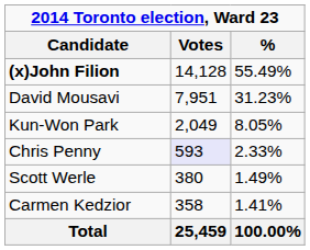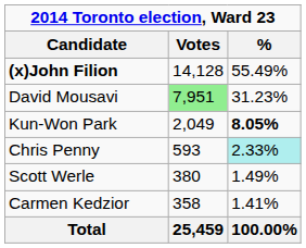 <table class="wikitable">
 <tr>
 <td Colspan="3" align="center"><strong><a href='#'>2014 Toronto election</a>, Ward 23</strong></td>
 </tr>
 <tr>
 <th bgcolor="#DDDDFF" width="150px">Candidate</th>
 <th bgcolor="#DDDDFF">Votes</th>
 <th bgcolor="#DDDDFF">%</th>
 </tr>
 <tr>
 <td><strong>(x)John Filion</strong></td>
 <td>14,128</td>
 <td>55.49%</td>
 </tr>
 <tr>
 <td>David Mousavi</td>
-<td>7,951</td>
+<td style="background: lightgreen;">7,951</td>
 <td>31.23%</td>
 </tr>
 <tr>
 <td>Kun-Won Park</td>
 <td>2,049</td>
-<td>8.05%</td>
+<td><strong>8.05%</strong></td>
 </tr>
 <tr>
 <td>Chris Penny</td>
-<td style="background: lavender;">593</td>
-<td>2.33%</td>
+<td>593</td>
+<td style="background: paleturquoise;">2.33%</td>
 </tr>
 <tr>
 <td>Scott Werle</td>
 <td>380</td>
 <td>1.49%</td>
 </tr>
 <tr>
 <td>Carmen Kedzior</td>
 <td>358</td>
 <td>1.41%</td>
 </tr>
 <tr>
 <th>Total</th>
 <th>25,459</th>
 <th>100.00%</th>
 </tr>
 </table>
